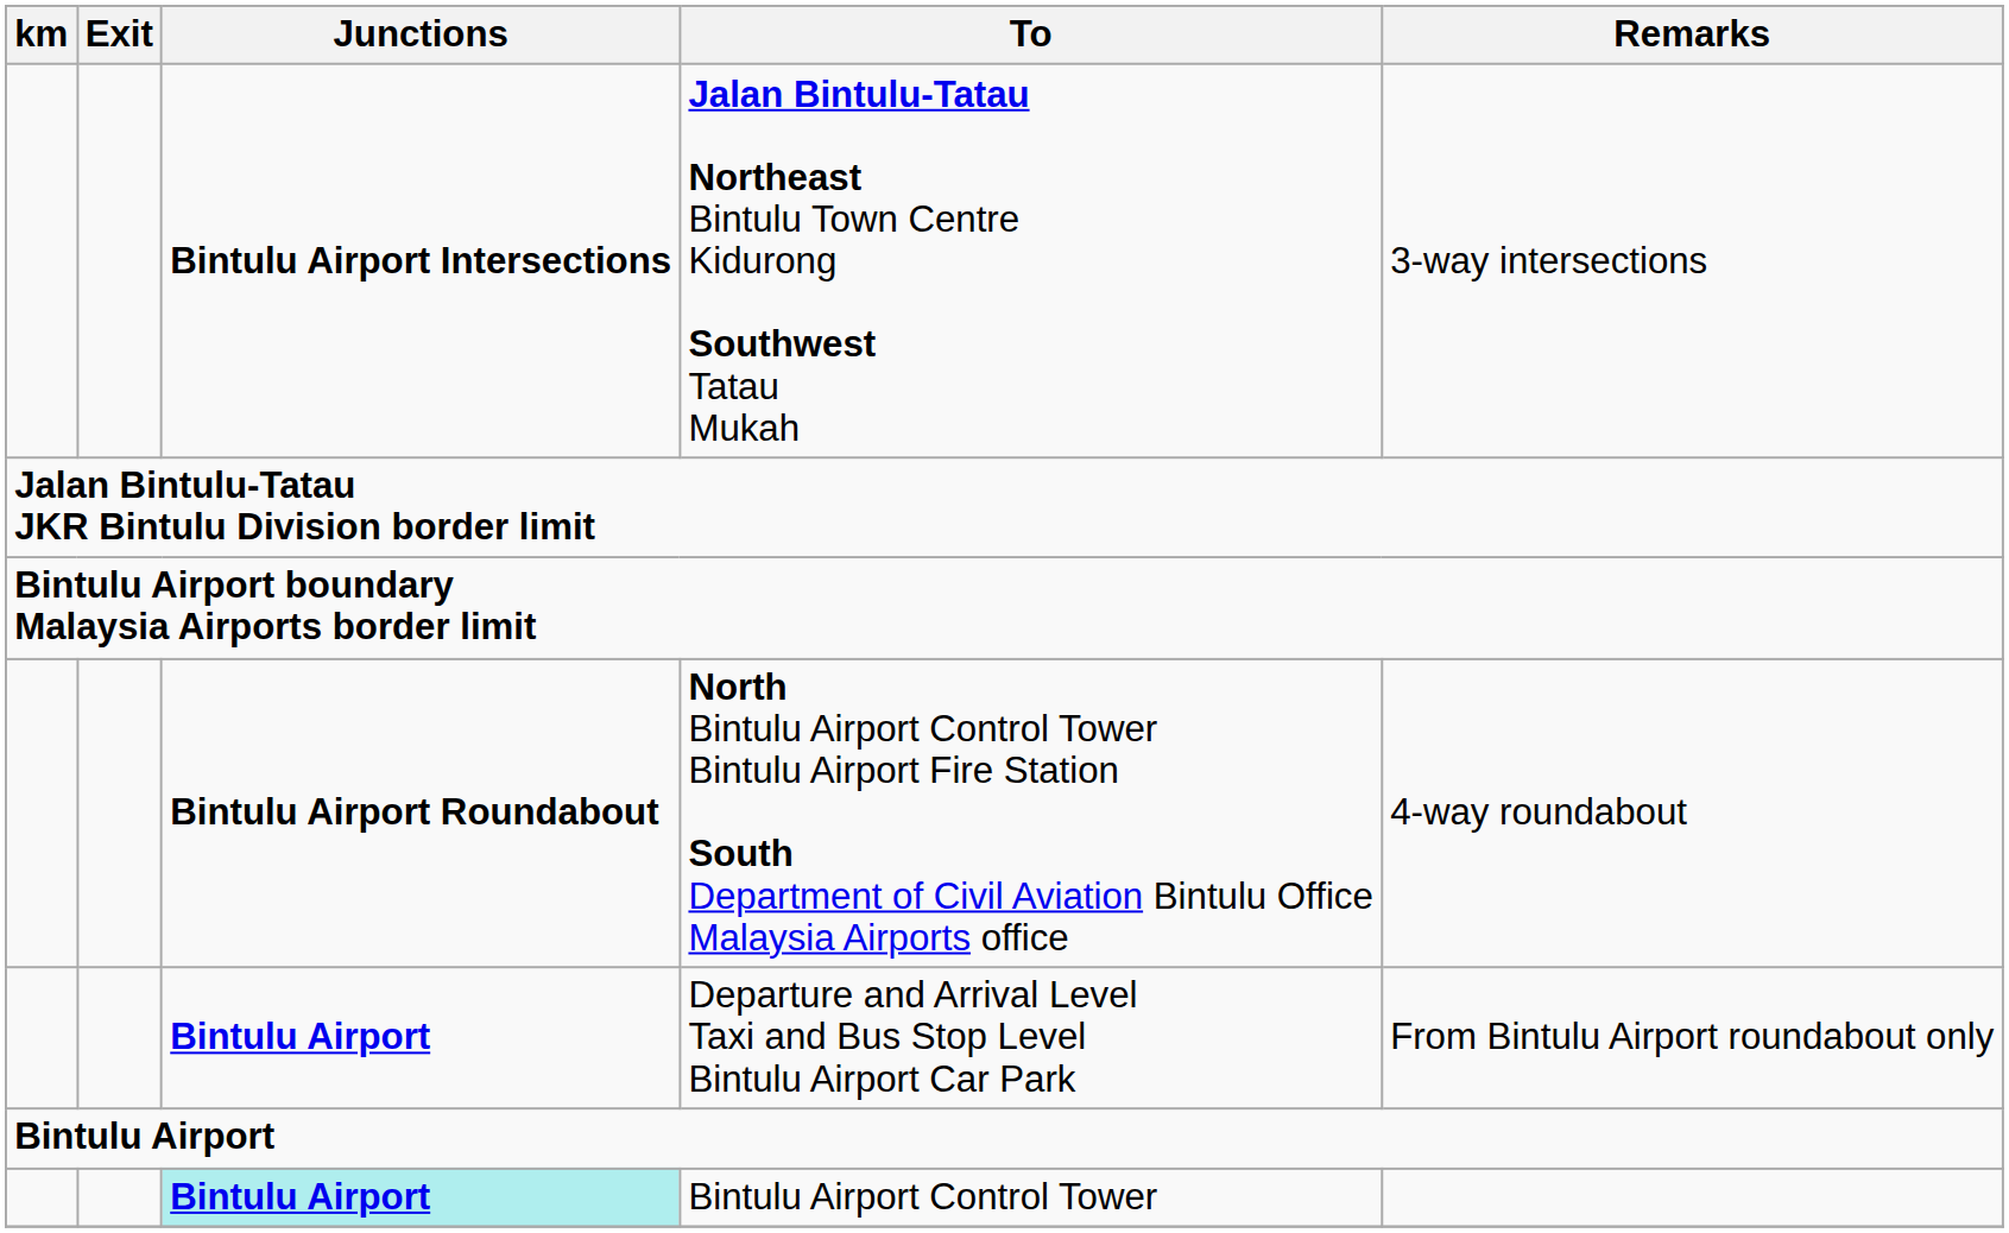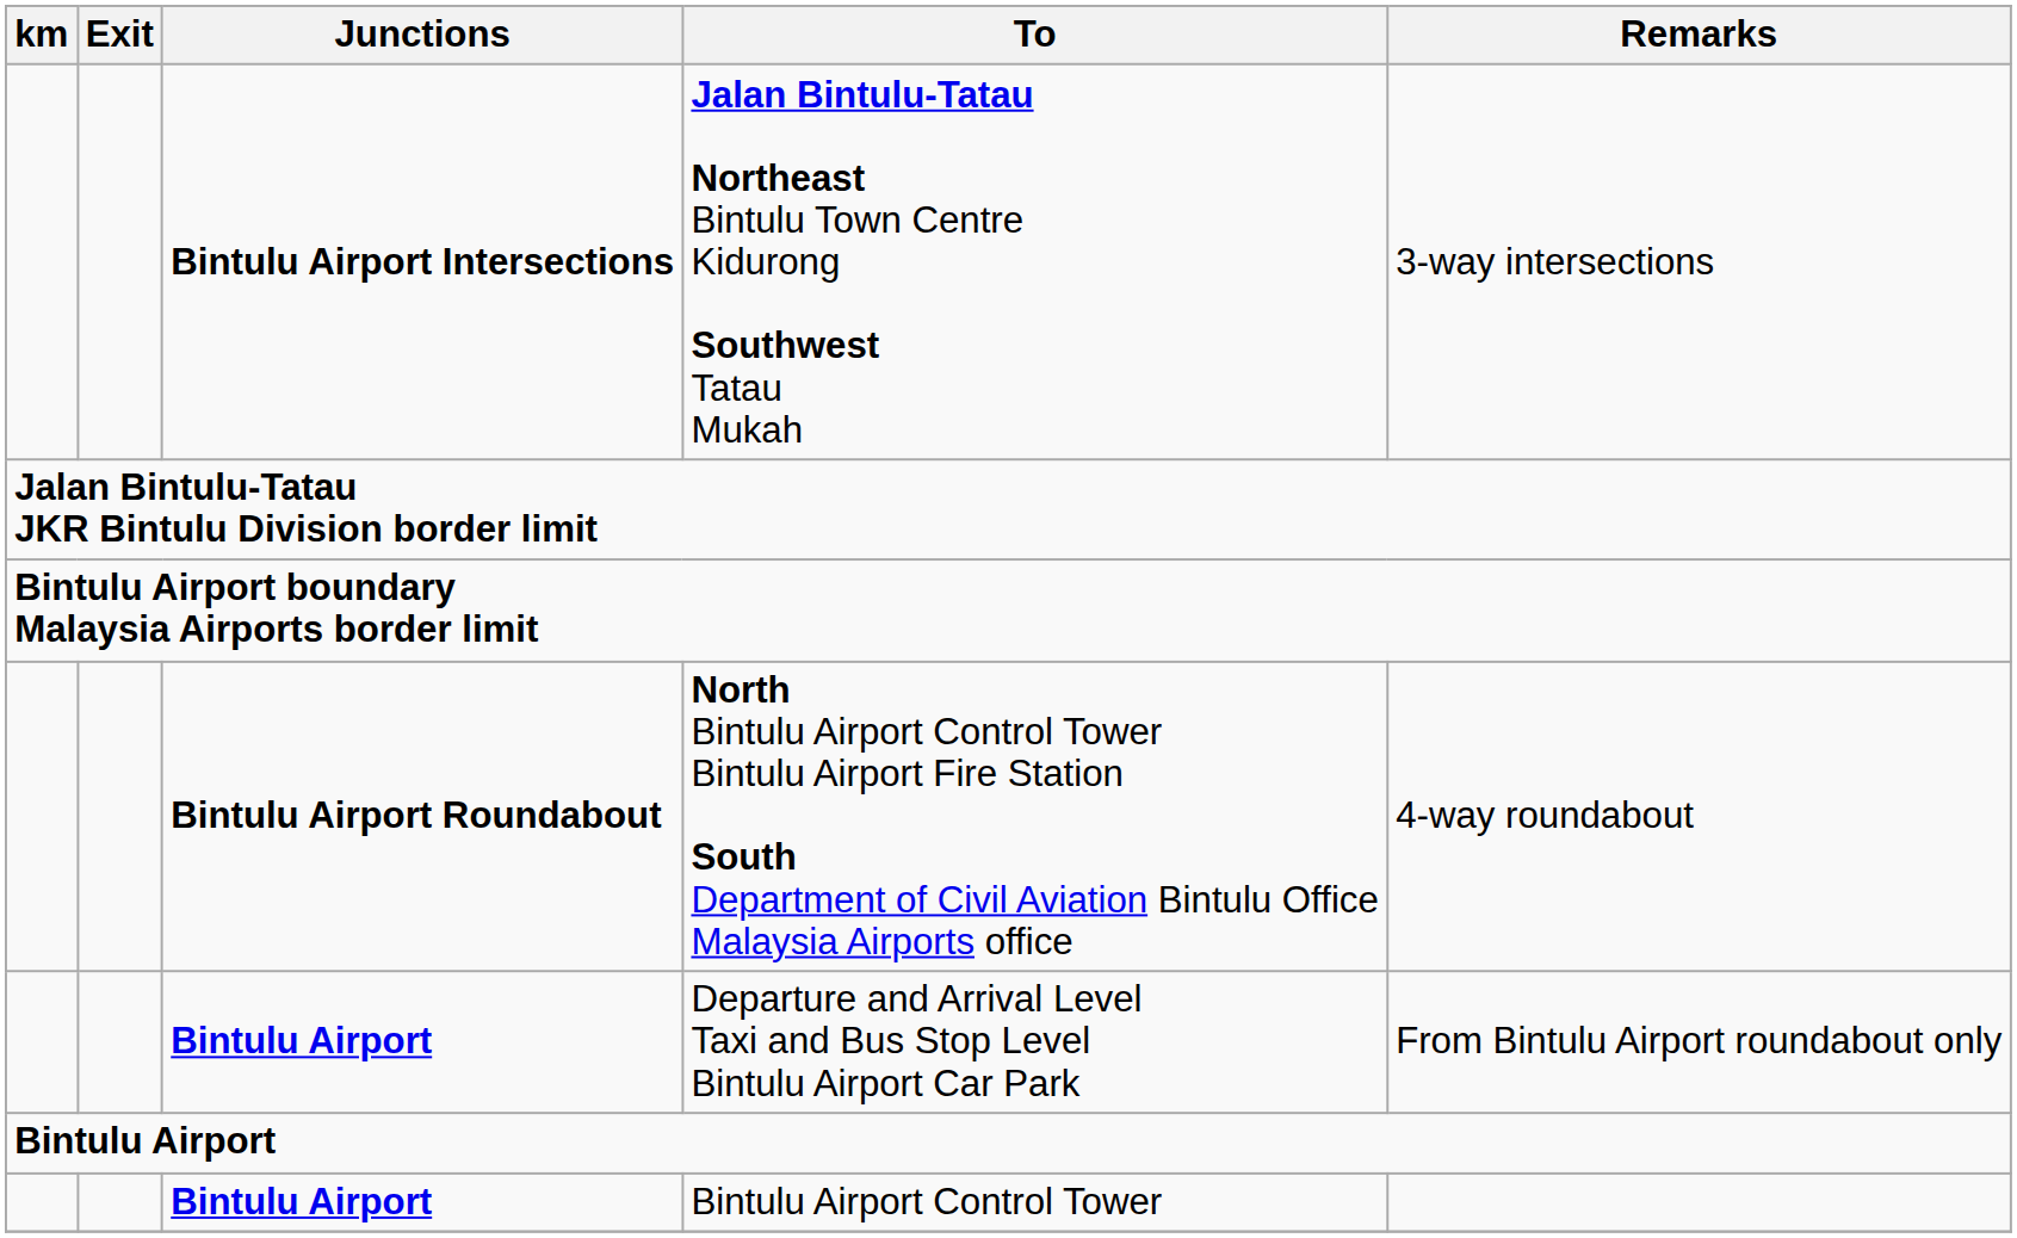 <table class="wikitable">
 <tr>
 <th>km</th>
 <th>Exit</th>
 <th>Junctions</th>
 <th>To</th>
 <th>Remarks</th>
 </tr>
 <tr>
 <td></td>
 <td></td>
 <td><strong>Bintulu Airport Intersections</strong></td>
 <td>  <strong><a href='#'>Jalan Bintulu-Tatau</a></strong><br><br><strong>Northeast</strong><br>Bintulu Town Centre<br>Kidurong<br><br><strong>Southwest</strong><br>Tatau<br>Mukah</td>
 <td>3-way intersections</td>
 </tr>
 <tr>
 <td style="width:600px" colspan="6" style="text-align:center; background:blue;"><strong><span>  Jalan Bintulu-Tatau<br>JKR Bintulu Division border limit</span></strong></td>
 </tr>
 <tr>
 <td style="width:600px" colspan="6" style="text-align:center; background:yellow;"><strong><span>Bintulu Airport boundary<br>Malaysia Airports border limit</span></strong></td>
 </tr>
 <tr>
 <td></td>
 <td></td>
 <td><strong>Bintulu Airport Roundabout</strong></td>
 <td><strong>North</strong><br>Bintulu Airport Control Tower<br>Bintulu Airport Fire Station<br><br><strong>South</strong><br><a href='#'>Department of Civil Aviation</a> Bintulu Office<br><a href='#'>Malaysia Airports</a> office</td>
 <td>4-way roundabout</td>
 </tr>
 <tr>
 <td></td>
 <td></td>
 <td><strong><a href='#'>Bintulu Airport</a></strong> </td>
 <td>Departure and Arrival Level<br>Taxi and Bus Stop Level<br> Bintulu Airport Car Park</td>
 <td>From Bintulu Airport roundabout only</td>
 </tr>
 <tr>
 <td style="width:600px" colspan="6" style="text-align:center; background:blue;"><strong><span>Bintulu Airport </span></strong></td>
 </tr>
 <tr>
 <td></td>
 <td></td>
-<td style="background: paleturquoise;"><strong><a href='#'>Bintulu Airport</a></strong> </td>
+<td><strong><a href='#'>Bintulu Airport</a></strong> </td>
 <td>Bintulu Airport Control Tower</td>
 <td></td>
 </tr>
 <tr>
 </tr>
 </table>
